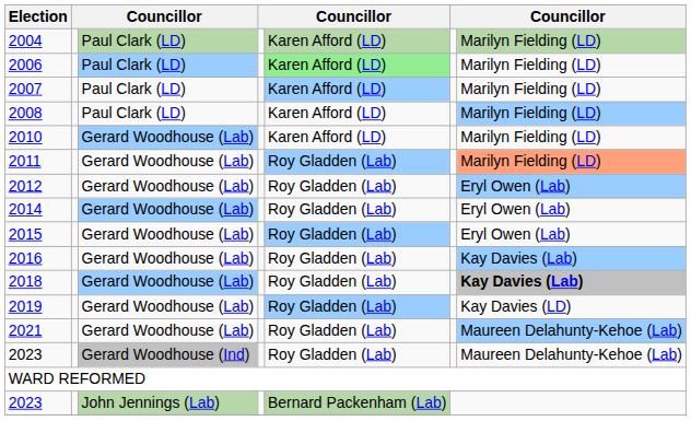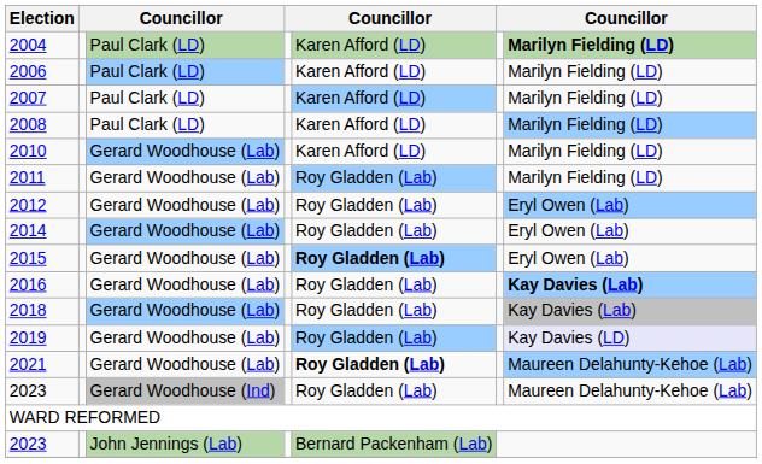 <table class="wikitable">
 <tr>
 <th>Election</th>
 <th colspan="2">Councillor</th>
 <th colspan="2">Councillor</th>
 <th colspan="2">Councillor</th>
 </tr>
 <tr>
 <td><a href='#'>2004</a></td>
 <td style="background-color: "></td>
 <td bgcolor="#B6D7A8">Paul Clark (<a href='#'>LD</a>)</td>
 <td style="background-color: "></td>
 <td bgcolor="#B6D7A8">Karen Afford (<a href='#'>LD</a>)</td>
 <td style="background-color: "></td>
-<td bgcolor="#B6D7A8">Marilyn Fielding (<a href='#'>LD</a>)</td>
+<td bgcolor="#B6D7A8"><strong>Marilyn Fielding (<a href='#'>LD</a>)</strong></td>
 </tr>
 <tr>
 <td><a href='#'>2006</a></td>
 <td style="background-color: "></td>
 <td bgcolor="#99CCFF">Paul Clark (<a href='#'>LD</a>)</td>
 <td style="background-color: "></td>
-<td style="background: lightgreen;">Karen Afford (<a href='#'>LD</a>)</td>
+<td>Karen Afford (<a href='#'>LD</a>)</td>
 <td style="background-color: "></td>
 <td>Marilyn Fielding (<a href='#'>LD</a>)</td>
 </tr>
 <tr>
 <td><a href='#'>2007</a></td>
 <td style="background-color: "></td>
 <td>Paul Clark (<a href='#'>LD</a>)</td>
 <td style="background-color: "></td>
 <td bgcolor="#99CCFF">Karen Afford (<a href='#'>LD</a>)</td>
 <td style="background-color: "></td>
 <td>Marilyn Fielding (<a href='#'>LD</a>)</td>
 </tr>
 <tr>
 <td><a href='#'>2008</a></td>
 <td style="background-color: "></td>
 <td>Paul Clark (<a href='#'>LD</a>)</td>
 <td style="background-color: "></td>
 <td>Karen Afford (<a href='#'>LD</a>)</td>
 <td style="background-color: "></td>
 <td bgcolor="#99CCFF">Marilyn Fielding (<a href='#'>LD</a>)</td>
 </tr>
 <tr>
 <td><a href='#'>2010</a></td>
 <td style="background-color: "></td>
 <td bgcolor="#99CCFF">Gerard Woodhouse (<a href='#'>Lab</a>)</td>
 <td style="background-color: "></td>
 <td>Karen Afford (<a href='#'>LD</a>)</td>
 <td style="background-color: "></td>
 <td>Marilyn Fielding (<a href='#'>LD</a>)</td>
 </tr>
 <tr>
 <td><a href='#'>2011</a></td>
 <td style="background-color: "></td>
 <td>Gerard Woodhouse (<a href='#'>Lab</a>)</td>
 <td style="background-color: "></td>
 <td bgcolor="#99CCFF">Roy Gladden (<a href='#'>Lab</a>)</td>
 <td style="background-color: "></td>
-<td style="background: lightsalmon;">Marilyn Fielding (<a href='#'>LD</a>)</td>
+<td>Marilyn Fielding (<a href='#'>LD</a>)</td>
 </tr>
 <tr>
 <td><a href='#'>2012</a></td>
 <td style="background-color: "></td>
 <td>Gerard Woodhouse (<a href='#'>Lab</a>)</td>
 <td style="background-color: "></td>
 <td>Roy Gladden (<a href='#'>Lab</a>)</td>
 <td style="background-color: "></td>
 <td bgcolor="#99CCFF">Eryl Owen (<a href='#'>Lab</a>)</td>
 </tr>
 <tr>
 <td><a href='#'>2014</a></td>
 <td style="background-color: "></td>
 <td bgcolor="#99CCFF">Gerard Woodhouse (<a href='#'>Lab</a>)</td>
 <td style="background-color: "></td>
 <td>Roy Gladden (<a href='#'>Lab</a>)</td>
 <td style="background-color: "></td>
 <td>Eryl Owen (<a href='#'>Lab</a>)</td>
 </tr>
 <tr>
 <td><a href='#'>2015</a></td>
 <td style="background-color: "></td>
 <td>Gerard Woodhouse (<a href='#'>Lab</a>)</td>
 <td style="background-color: "></td>
-<td bgcolor="#99CCFF">Roy Gladden (<a href='#'>Lab</a>)</td>
+<td bgcolor="#99CCFF"><strong>Roy Gladden (<a href='#'>Lab</a>)</strong></td>
 <td style="background-color: "></td>
 <td>Eryl Owen (<a href='#'>Lab</a>)</td>
 </tr>
 <tr>
 <td><a href='#'>2016</a></td>
 <td style="background-color: "></td>
 <td>Gerard Woodhouse (<a href='#'>Lab</a>)</td>
 <td style="background-color: "></td>
 <td>Roy Gladden (<a href='#'>Lab</a>)</td>
 <td style="background-color: "></td>
-<td bgcolor="#99CCFF">Kay Davies (<a href='#'>Lab</a>)</td>
+<td bgcolor="#99CCFF"><strong>Kay Davies (<a href='#'>Lab</a>)</strong></td>
 </tr>
 <tr>
 <td><a href='#'>2018</a></td>
 <td style="background-color: "></td>
 <td bgcolor="#99CCFF">Gerard Woodhouse (<a href='#'>Lab</a>)</td>
 <td style="background-color: "></td>
 <td>Roy Gladden (<a href='#'>Lab</a>)</td>
 <td style="background-color: "></td>
-<td bgcolor="#C0C0C0"><strong>Kay Davies (<a href='#'>Lab</a>)</strong></td>
+<td bgcolor="#C0C0C0">Kay Davies (<a href='#'>Lab</a>)</td>
 </tr>
 <tr>
 <td><a href='#'>2019</a></td>
 <td style="background-color: "></td>
 <td>Gerard Woodhouse (<a href='#'>Lab</a>)</td>
 <td style="background-color: "></td>
 <td bgcolor="#99CCFF">Roy Gladden (<a href='#'>Lab</a>)</td>
 <td style="background-color: "></td>
-<td>Kay Davies (<a href='#'>LD</a>)</td>
+<td style="background: lavender;">Kay Davies (<a href='#'>LD</a>)</td>
 </tr>
 <tr>
 <td><a href='#'>2021</a></td>
 <td style="background-color: "></td>
 <td>Gerard Woodhouse (<a href='#'>Lab</a>)</td>
 <td style="background-color: "></td>
-<td>Roy Gladden (<a href='#'>Lab</a>)</td>
+<td><strong>Roy Gladden (<a href='#'>Lab</a>)</strong></td>
 <td style="background-color: "></td>
 <td bgcolor="#99CCFF">Maureen Delahunty-Kehoe (<a href='#'>Lab</a>)</td>
 </tr>
 <tr>
 <td>2023</td>
 <td style="background-color: "></td>
 <td bgcolor="#C0C0C0">Gerard Woodhouse (<a href='#'>Ind</a>)</td>
 <td style="background-color: "></td>
 <td>Roy Gladden (<a href='#'>Lab</a>)</td>
 <td style="background-color: "></td>
 <td>Maureen Delahunty-Kehoe (<a href='#'>Lab</a>)</td>
 </tr>
 <tr>
 <td colspan="8" bgcolor="#FFF"><div>WARD REFORMED</div></td>
 </tr>
 <tr>
 <td><a href='#'>2023</a></td>
 <td style="background-color: "></td>
 <td bgcolor="#B6D7A8">John Jennings (<a href='#'>Lab</a>)</td>
 <td style="background-color: "></td>
 <td bgcolor="#B6D7A8">Bernard Packenham (<a href='#'>Lab</a>)</td>
 </tr>
 <tr>
 </tr>
 </table>
